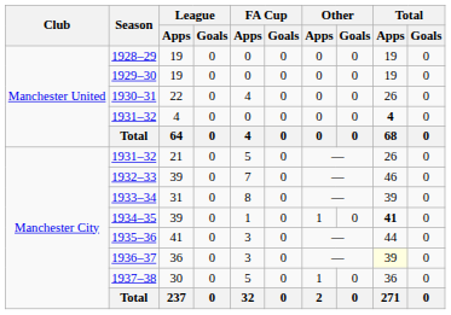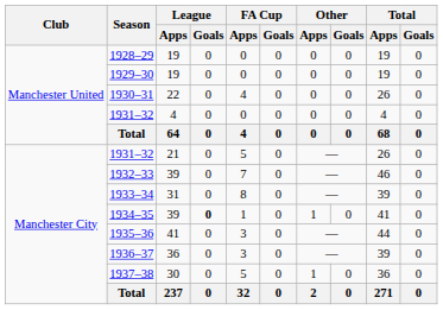 <table class="wikitable" style="text-align:center">
 <tr>
 <th rowspan="2">Club</th>
 <th rowspan="2">Season</th>
 <th colspan="2">League</th>
 <th colspan="2">FA Cup</th>
 <th colspan="2">Other</th>
 <th colspan="2">Total</th>
 </tr>
 <tr>
 <th>Apps</th>
 <th>Goals</th>
 <th>Apps</th>
 <th>Goals</th>
 <th>Apps</th>
 <th>Goals</th>
 <th>Apps</th>
 <th>Goals</th>
 </tr>
 <tr>
 <td rowspan="5"><a href='#'>Manchester United</a></td>
 <td><a href='#'>1928–29</a></td>
 <td>19</td>
 <td>0</td>
 <td>0</td>
 <td>0</td>
 <td>0</td>
 <td>0</td>
 <td>19</td>
 <td>0</td>
 </tr>
 <tr>
 <td><a href='#'>1929–30</a></td>
 <td>19</td>
 <td>0</td>
 <td>0</td>
 <td>0</td>
 <td>0</td>
 <td>0</td>
 <td>19</td>
 <td>0</td>
 </tr>
 <tr>
 <td><a href='#'>1930–31</a></td>
 <td>22</td>
 <td>0</td>
 <td>4</td>
 <td>0</td>
 <td>0</td>
 <td>0</td>
 <td>26</td>
 <td>0</td>
 </tr>
 <tr>
 <td><a href='#'>1931–32</a></td>
 <td>4</td>
 <td>0</td>
 <td>0</td>
 <td>0</td>
 <td>0</td>
 <td>0</td>
-<td><strong>4</strong></td>
+<td>4</td>
 <td>0</td>
 </tr>
 <tr>
 <th>Total</th>
 <th>64</th>
 <th>0</th>
 <th>4</th>
 <th>0</th>
 <th>0</th>
 <th>0</th>
 <th>68</th>
 <th>0</th>
 </tr>
 <tr>
 <td rowspan="8"><a href='#'>Manchester City</a></td>
 <td><a href='#'>1931–32</a></td>
 <td>21</td>
 <td>0</td>
 <td>5</td>
 <td>0</td>
 <td colspan="2">—</td>
 <td>26</td>
 <td>0</td>
 </tr>
 <tr>
 <td><a href='#'>1932–33</a></td>
 <td>39</td>
 <td>0</td>
 <td>7</td>
 <td>0</td>
 <td colspan="2">—</td>
 <td>46</td>
 <td>0</td>
 </tr>
 <tr>
 <td><a href='#'>1933–34</a></td>
 <td>31</td>
 <td>0</td>
 <td>8</td>
 <td>0</td>
 <td colspan="2">—</td>
 <td>39</td>
 <td>0</td>
 </tr>
 <tr>
 <td><a href='#'>1934–35</a></td>
 <td>39</td>
-<td>0</td>
+<td><strong>0</strong></td>
 <td>1</td>
 <td>0</td>
 <td>1</td>
 <td>0</td>
-<td><strong>41</strong></td>
+<td>41</td>
 <td>0</td>
 </tr>
 <tr>
 <td><a href='#'>1935–36</a></td>
 <td>41</td>
 <td>0</td>
 <td>3</td>
 <td>0</td>
 <td colspan="2">—</td>
 <td>44</td>
 <td>0</td>
 </tr>
 <tr>
 <td><a href='#'>1936–37</a></td>
 <td>36</td>
 <td>0</td>
 <td>3</td>
 <td>0</td>
 <td colspan="2">—</td>
-<td style="background: lightyellow;">39</td>
+<td>39</td>
 <td>0</td>
 </tr>
 <tr>
 <td><a href='#'>1937–38</a></td>
 <td>30</td>
 <td>0</td>
 <td>5</td>
 <td>0</td>
 <td>1</td>
 <td>0</td>
 <td>36</td>
 <td>0</td>
 </tr>
 <tr>
 <th>Total</th>
 <th>237</th>
 <th>0</th>
 <th>32</th>
 <th>0</th>
 <th>2</th>
 <th>0</th>
 <th>271</th>
 <th>0</th>
 </tr>
 </table>
